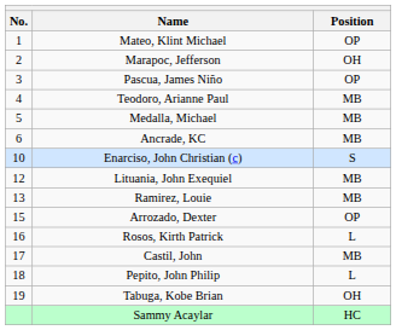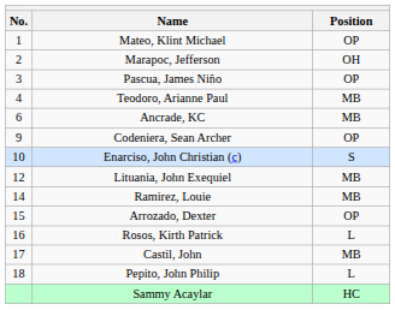 <table class="wikitable mw-collapsible mw-collapsed" style="text-align:center; width:500px; border:none">
 <tr>
 <th style="text-align:left" colspan="3"></th>
 </tr>
 <tr>
 <th style="width:7%">No.</th>
 <th>Name</th>
 <th style="width:20%">Position</th>
 </tr>
 <tr>
 <td>1</td>
 <td>Mateo, Klint Michael</td>
 <td>OP</td>
 </tr>
 <tr>
 <td>2</td>
 <td>Marapoc, Jefferson</td>
 <td>OH</td>
 </tr>
 <tr>
 <td>3</td>
 <td>Pascua, James Niño</td>
 <td>OP</td>
 </tr>
 <tr>
 <td>4</td>
 <td>Teodoro, Arianne Paul</td>
 <td>MB</td>
 </tr>
 <tr>
-<td>5</td>
-<td>Medalla, Michael</td>
+<td>6</td>
+<td>Ancrade, KC</td>
 <td>MB</td>
 </tr>
 <tr>
-<td>6</td>
-<td>Ancrade, KC</td>
-<td>MB</td>
+<td>9</td>
+<td>Codeniera, Sean Archer</td>
+<td>OP</td>
 </tr>
 <tr bgcolor=#DOE6FF>
 <td>10</td>
 <td>Enarciso, John  Christian (<a href='#'>c</a>)</td>
 <td>S</td>
 </tr>
 <tr>
 <td>12</td>
 <td>Lituania, John  Exequiel</td>
 <td>MB</td>
 </tr>
 <tr>
-<td>13</td>
+<td>14</td>
 <td>Ramirez, Louie</td>
 <td>MB</td>
 </tr>
 <tr>
 <td>15</td>
 <td>Arrozado, Dexter</td>
 <td>OP</td>
 </tr>
 <tr>
 <td>16</td>
 <td>Rosos, Kirth Patrick</td>
 <td>L</td>
 </tr>
 <tr>
 <td>17</td>
 <td>Castil, John</td>
 <td>MB</td>
 </tr>
 <tr>
 <td>18</td>
 <td>Pepito, John Philip</td>
 <td>L</td>
 </tr>
-<tr>
-<td>19</td>
-<td>Tabuga, Kobe Brian</td>
-<td>OH</td>
-</tr>
 <tr bgcolor=#BBFFCC>
 <td></td>
 <td>Sammy Acaylar</td>
 <td>HC</td>
 </tr>
 </table>
